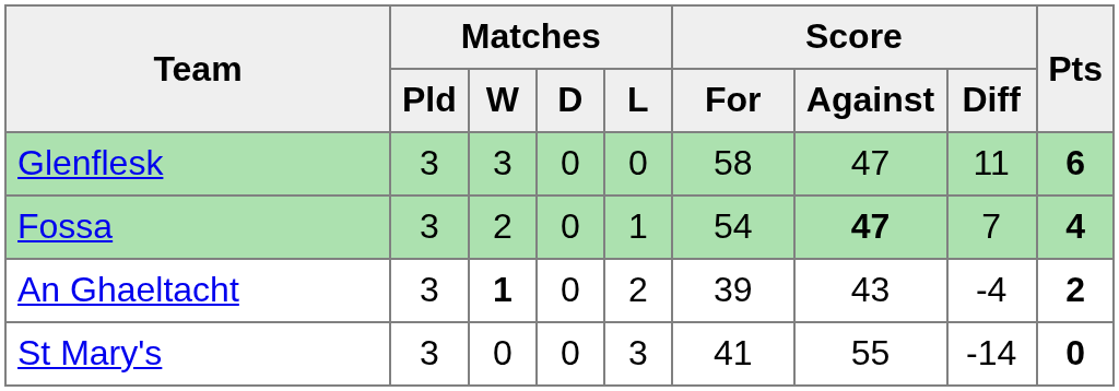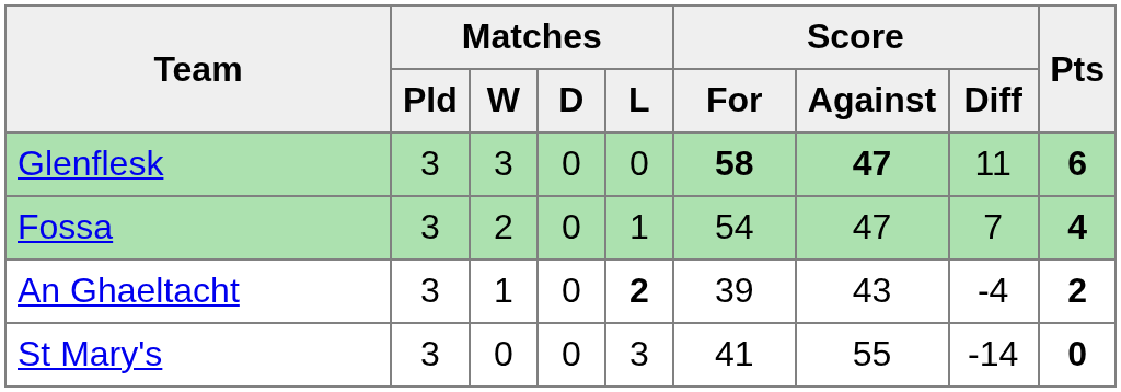 <table style=border-collapse:collapse border=1 cellspacing=0 cellpadding=5>
 <tr align=center bgcolor=#efefef>
 <th rowspan=2 width=165>Team</th>
 <th colspan=4>Matches</th>
 <th colspan=3>Score</th>
 <th rowspan=2width=20>Pts</th>
 </tr>
 <tr align=center bgcolor=#efefef>
 <th width=20>Pld</th>
 <th width=20>W</th>
 <th width=20>D</th>
 <th width=20>L</th>
 <th width=45>For</th>
 <th width=45>Against</th>
 <th width=30>Diff</th>
 </tr>
 <tr align=center style="background:#ACE1AF;">
 <td style="text-align:left;"><a href='#'>Glenflesk</a></td>
 <td>3</td>
 <td>3</td>
 <td>0</td>
 <td>0</td>
-<td>58</td>
-<td>47</td>
+<td><strong>58</strong></td>
+<td><strong>47</strong></td>
 <td>11</td>
 <td><strong>6</strong></td>
 </tr>
 <tr align=center style="background:#ACE1AF;">
 <td style="text-align:left;"><a href='#'>Fossa</a></td>
 <td>3</td>
 <td>2</td>
 <td>0</td>
 <td>1</td>
 <td>54</td>
-<td><strong>47</strong></td>
+<td>47</td>
 <td>7</td>
 <td><strong>4</strong></td>
 </tr>
 <tr align=center>
 <td style="text-align:left;"><a href='#'>An Ghaeltacht</a></td>
 <td>3</td>
-<td><strong>1</strong></td>
+<td>1</td>
 <td>0</td>
-<td>2</td>
+<td><strong>2</strong></td>
 <td>39</td>
 <td>43</td>
 <td>-4</td>
 <td><strong>2</strong></td>
 </tr>
 <tr align=center>
 <td style="text-align:left;"><a href='#'>St Mary's</a></td>
 <td>3</td>
 <td>0</td>
 <td>0</td>
 <td>3</td>
 <td>41</td>
 <td>55</td>
 <td>-14</td>
 <td><strong>0</strong></td>
 </tr>
 </table>
